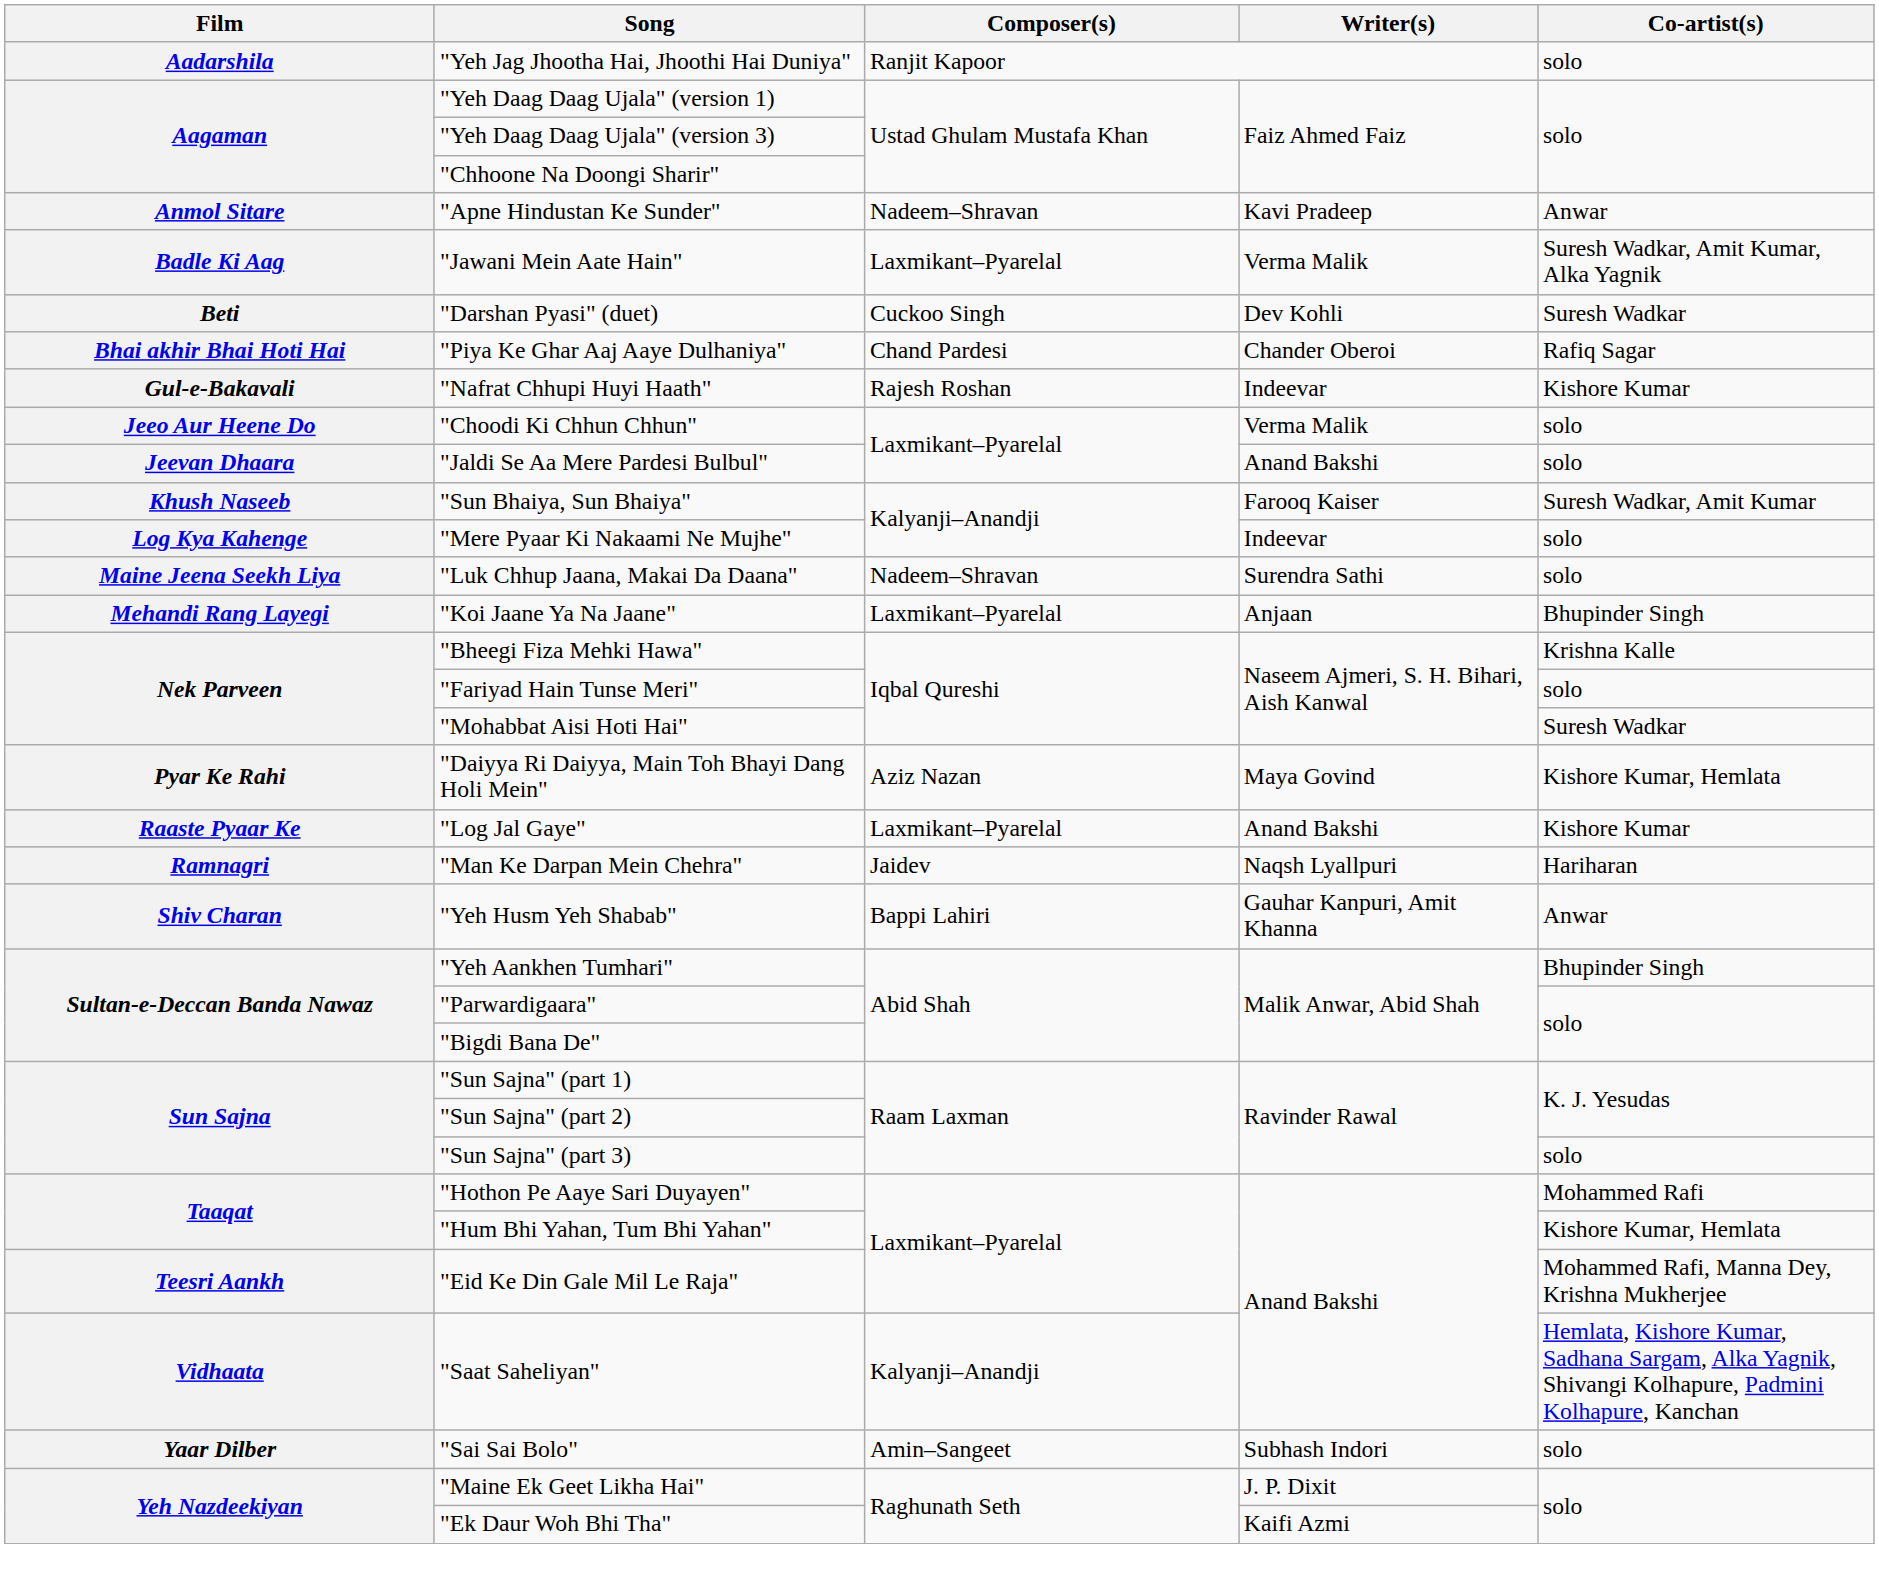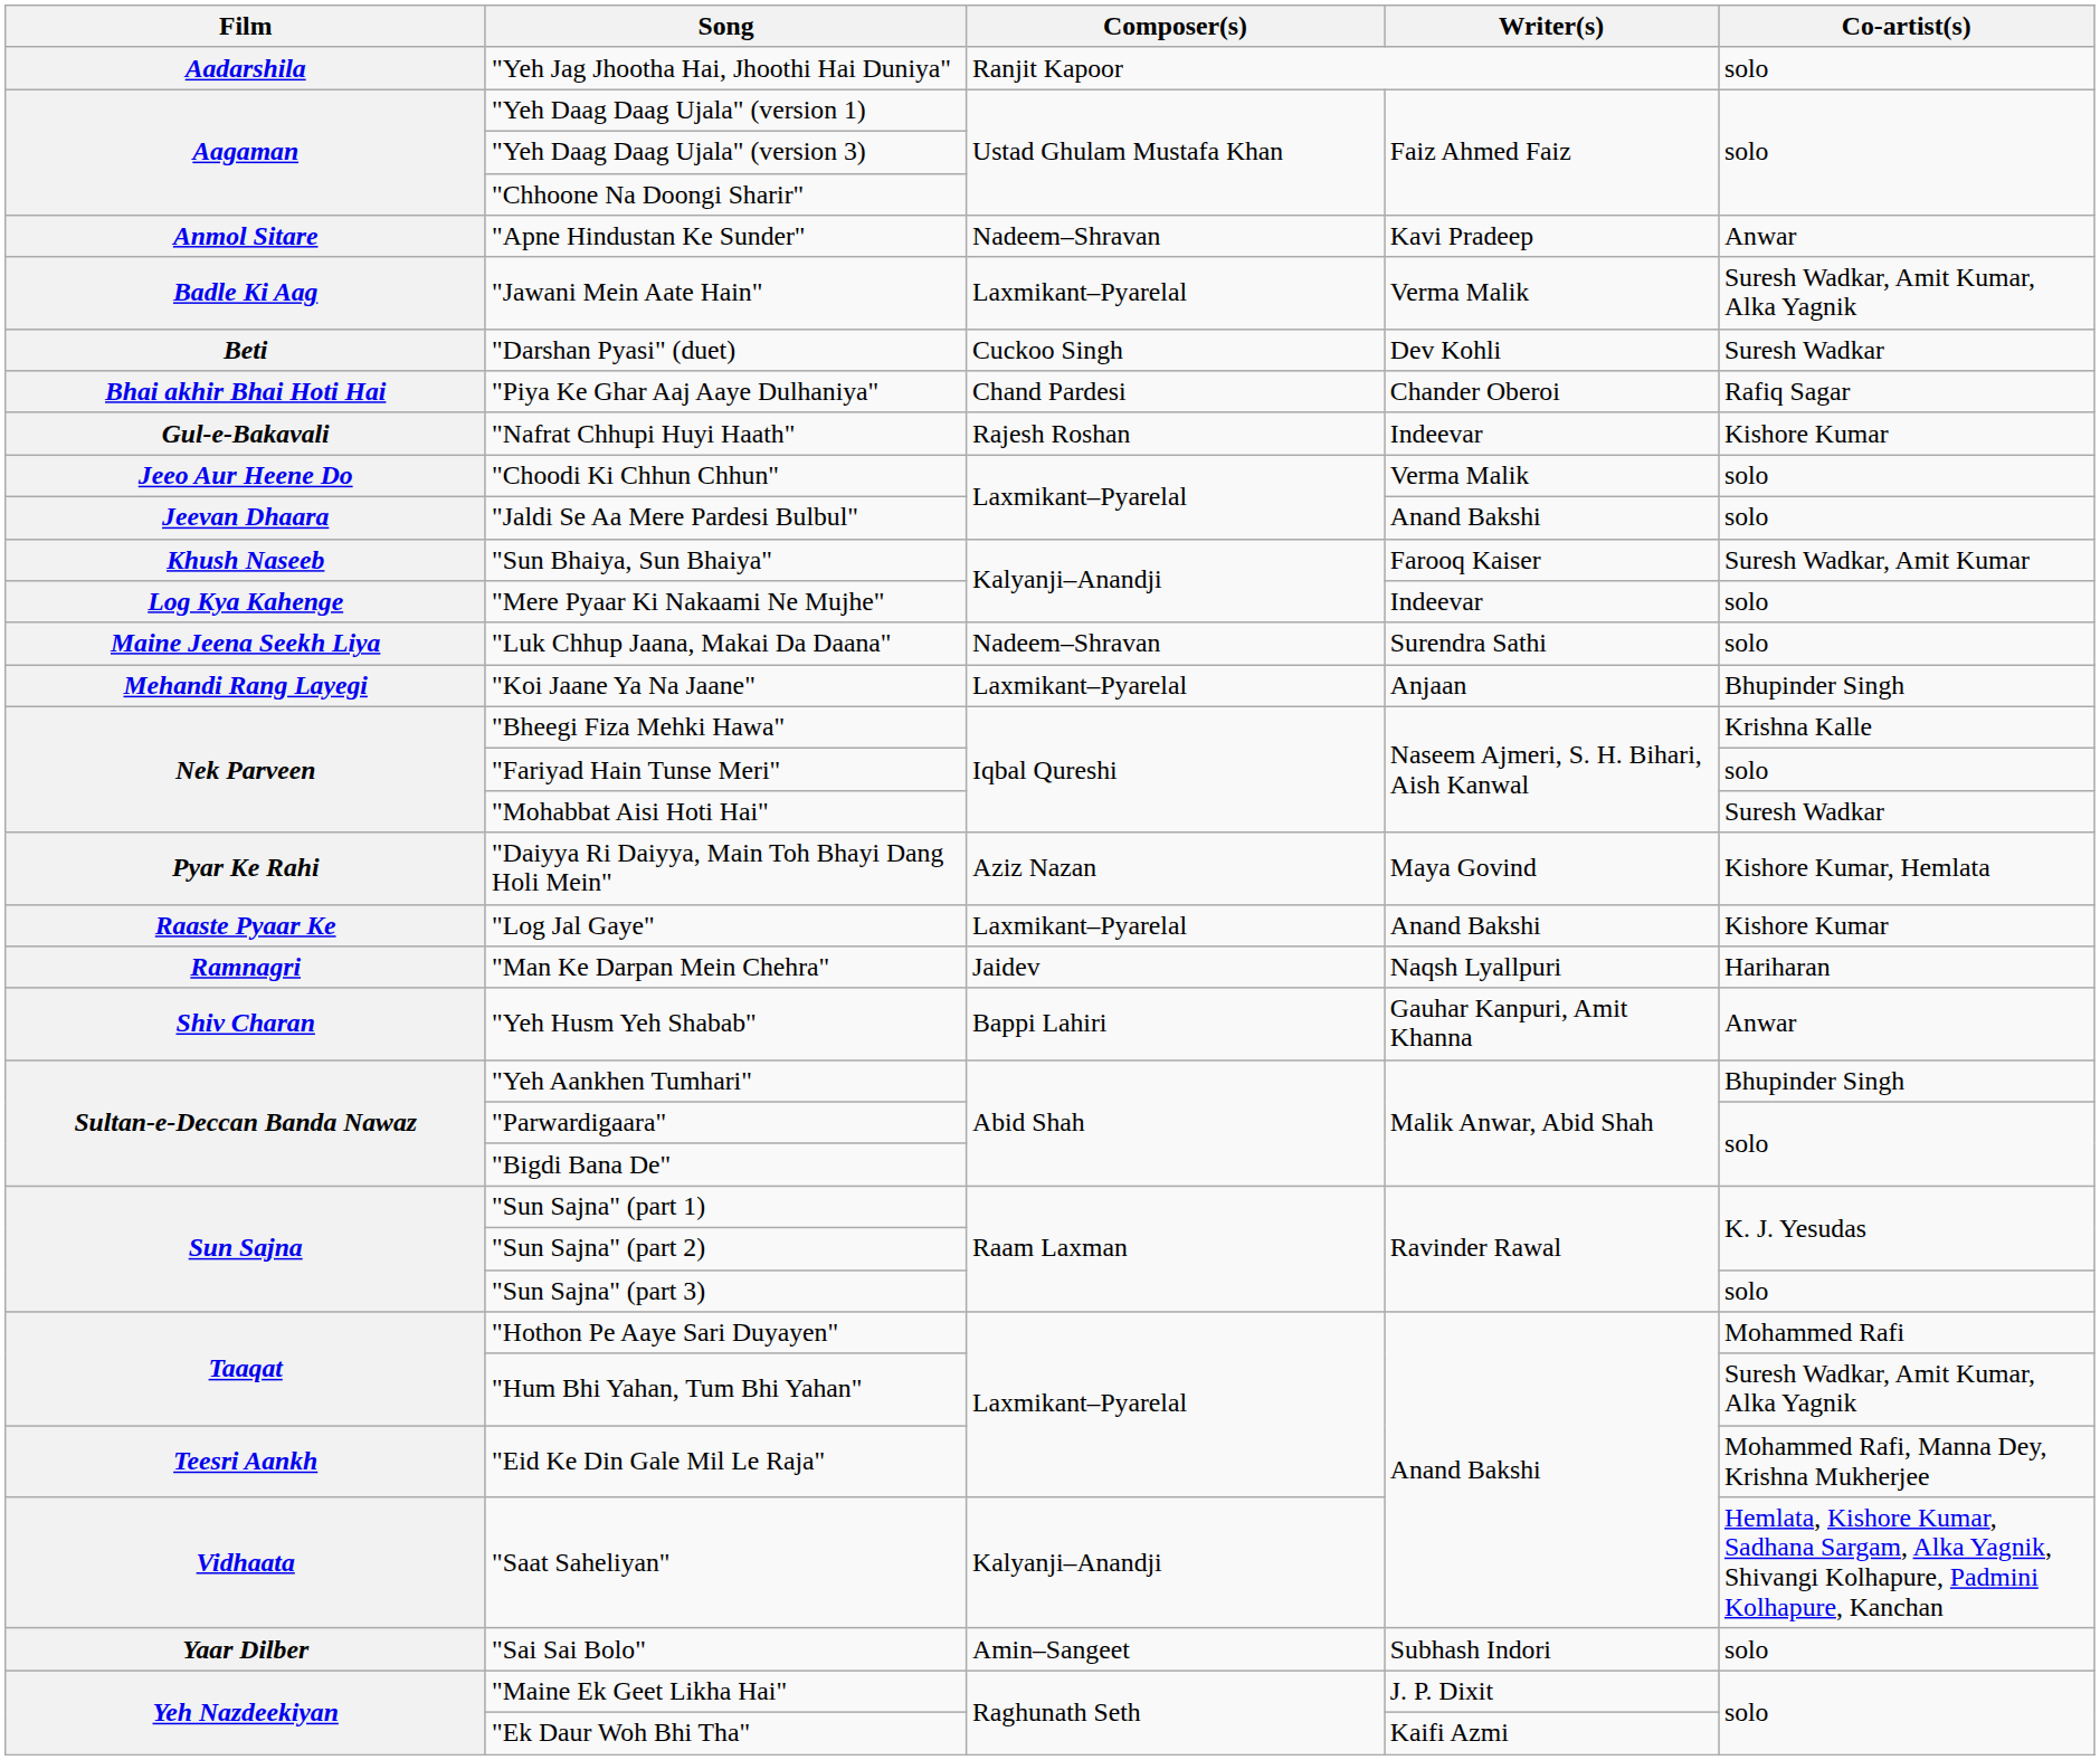 <table class="wikitable plainrowheaders" style="width:100%; textcolor:#000">
 <tr style="background:#b0e0e66;">
 <th scope="col" style="width:23%;"><strong>Film</strong></th>
 <th scope="col" style="width:23%;"><strong>Song</strong></th>
 <th scope="col" style="width:20%;"><strong>Composer(s)</strong></th>
 <th scope="col" style="width:16%;"><strong>Writer(s)</strong></th>
 <th scope="col" style="width:18%;"><strong>Co-artist(s)</strong></th>
 </tr>
 <tr>
 <th><em><a href='#'>Aadarshila</a></em></th>
 <td>"Yeh Jag Jhootha Hai, Jhoothi Hai Duniya"</td>
 <td colspan=2>Ranjit Kapoor</td>
 <td>solo</td>
 </tr>
 <tr>
 <th rowspan=3><em><a href='#'>Aagaman</a></em></th>
 <td>"Yeh Daag Daag Ujala" (version 1)</td>
 <td rowspan=3>Ustad Ghulam Mustafa Khan</td>
 <td rowspan=3>Faiz Ahmed Faiz</td>
 <td Rowspan=3>solo</td>
 </tr>
 <tr>
 <td>"Yeh Daag Daag Ujala" (version 3)</td>
 </tr>
 <tr>
 <td>"Chhoone Na Doongi Sharir"</td>
 </tr>
 <tr>
 <th><em><a href='#'>Anmol Sitare</a></em></th>
 <td>"Apne Hindustan Ke Sunder"</td>
 <td>Nadeem–Shravan</td>
 <td>Kavi Pradeep</td>
 <td>Anwar</td>
 </tr>
 <tr>
 <th><em><a href='#'>Badle Ki Aag</a></em></th>
 <td>"Jawani Mein Aate Hain"</td>
 <td>Laxmikant–Pyarelal</td>
 <td>Verma Malik</td>
 <td>Suresh Wadkar, Amit Kumar, Alka Yagnik</td>
 </tr>
 <tr>
 <th><em>Beti</em></th>
 <td>"Darshan Pyasi" (duet)</td>
 <td>Cuckoo Singh</td>
 <td>Dev Kohli</td>
 <td>Suresh Wadkar</td>
 </tr>
 <tr>
 <th><em><a href='#'>Bhai akhir Bhai Hoti Hai</a></em></th>
 <td>"Piya Ke Ghar Aaj Aaye Dulhaniya"</td>
 <td>Chand Pardesi</td>
 <td>Chander Oberoi</td>
 <td>Rafiq Sagar</td>
 </tr>
 <tr>
 <th><em>Gul-e-Bakavali</em></th>
 <td>"Nafrat Chhupi Huyi Haath"</td>
 <td>Rajesh Roshan</td>
 <td>Indeevar</td>
 <td>Kishore Kumar</td>
 </tr>
 <tr>
 <th><em><a href='#'>Jeeo Aur Heene Do</a></em></th>
 <td>"Choodi Ki Chhun Chhun"</td>
 <td rowspan=2>Laxmikant–Pyarelal</td>
 <td>Verma Malik</td>
 <td>solo</td>
 </tr>
 <tr>
 <th><em><a href='#'>Jeevan Dhaara</a></em></th>
 <td>"Jaldi Se Aa Mere Pardesi Bulbul"</td>
 <td>Anand Bakshi</td>
 <td>solo</td>
 </tr>
 <tr>
 <th><em><a href='#'>Khush Naseeb</a></em></th>
 <td>"Sun Bhaiya, Sun Bhaiya"</td>
 <td rowspan=2>Kalyanji–Anandji</td>
 <td>Farooq Kaiser</td>
 <td>Suresh Wadkar, Amit Kumar</td>
 </tr>
 <tr>
 <th><em><a href='#'>Log Kya Kahenge</a></em></th>
 <td>"Mere Pyaar Ki Nakaami Ne Mujhe"</td>
 <td>Indeevar</td>
 <td>solo</td>
 </tr>
 <tr>
 <th><em><a href='#'>Maine Jeena Seekh Liya</a></em></th>
 <td>"Luk Chhup Jaana, Makai Da Daana"</td>
 <td>Nadeem–Shravan</td>
 <td>Surendra Sathi</td>
 <td>solo</td>
 </tr>
 <tr>
 <th><em><a href='#'>Mehandi Rang Layegi</a></em></th>
 <td>"Koi Jaane Ya Na Jaane"</td>
 <td>Laxmikant–Pyarelal</td>
 <td>Anjaan</td>
 <td>Bhupinder Singh</td>
 </tr>
 <tr>
 <th Rowspan=3><em>Nek Parveen</em></th>
 <td>"Bheegi Fiza Mehki Hawa"</td>
 <td rowspan=3>Iqbal Qureshi</td>
 <td Rowspan=3>Naseem Ajmeri, S. H. Bihari, Aish Kanwal</td>
 <td>Krishna Kalle</td>
 </tr>
 <tr>
 <td>"Fariyad Hain Tunse Meri"</td>
 <td>solo</td>
 </tr>
 <tr>
 <td>"Mohabbat Aisi Hoti Hai"</td>
 <td>Suresh Wadkar</td>
 </tr>
 <tr>
 <th><em>Pyar Ke Rahi</em></th>
 <td>"Daiyya Ri Daiyya, Main Toh Bhayi Dang Holi Mein"</td>
 <td>Aziz Nazan</td>
 <td>Maya Govind</td>
 <td>Kishore Kumar, Hemlata</td>
 </tr>
 <tr>
 <th><em><a href='#'>Raaste Pyaar Ke</a></em></th>
 <td>"Log Jal Gaye"</td>
 <td>Laxmikant–Pyarelal</td>
 <td>Anand Bakshi</td>
 <td>Kishore Kumar</td>
 </tr>
 <tr>
 <th><em><a href='#'>Ramnagri</a></em></th>
 <td>"Man Ke Darpan Mein Chehra"</td>
 <td>Jaidev</td>
 <td>Naqsh Lyallpuri</td>
 <td>Hariharan</td>
 </tr>
 <tr>
 <th><em><a href='#'>Shiv Charan</a></em></th>
 <td>"Yeh Husm Yeh Shabab"</td>
 <td>Bappi Lahiri</td>
 <td>Gauhar Kanpuri, Amit Khanna</td>
 <td>Anwar</td>
 </tr>
 <tr>
 <th Rowspan=3><em>Sultan-e-Deccan Banda Nawaz</em></th>
 <td>"Yeh Aankhen Tumhari"</td>
 <td rowspan=3>Abid Shah</td>
 <td Rowspan=3>Malik Anwar, Abid Shah</td>
 <td>Bhupinder Singh</td>
 </tr>
 <tr>
 <td>"Parwardigaara"</td>
 <td rowspan=2>solo</td>
 </tr>
 <tr>
 <td>"Bigdi Bana De"</td>
 </tr>
 <tr>
 <th Rowspan=3><em><a href='#'>Sun Sajna</a></em></th>
 <td>"Sun Sajna" (part 1)</td>
 <td Rowspan=3>Raam Laxman</td>
 <td rowspan=3>Ravinder Rawal</td>
 <td rowspan=2>K. J. Yesudas</td>
 </tr>
 <tr>
 <td>"Sun Sajna" (part 2)</td>
 </tr>
 <tr>
 <td>"Sun Sajna" (part 3)</td>
 <td>solo</td>
 </tr>
 <tr>
 <th Rowspan=2><em><a href='#'>Taaqat</a></em></th>
 <td>"Hothon Pe Aaye Sari Duyayen"</td>
 <td rowspan=3>Laxmikant–Pyarelal</td>
 <td rowspan=4>Anand Bakshi</td>
 <td>Mohammed Rafi</td>
 </tr>
 <tr>
 <td>"Hum Bhi Yahan, Tum Bhi Yahan"</td>
-<td>Kishore Kumar, Hemlata</td>
+<td>Suresh Wadkar, Amit Kumar, Alka Yagnik</td>
 </tr>
 <tr>
 <th><em><a href='#'>Teesri Aankh</a></em></th>
 <td>"Eid Ke Din Gale Mil Le Raja"</td>
 <td>Mohammed Rafi, Manna Dey, Krishna Mukherjee</td>
 </tr>
 <tr>
 <th><em><a href='#'>Vidhaata</a></em></th>
 <td>"Saat Saheliyan"</td>
 <td>Kalyanji–Anandji</td>
 <td><a href='#'>Hemlata</a>, <a href='#'>Kishore Kumar</a>, <a href='#'>Sadhana Sargam</a>, <a href='#'>Alka Yagnik</a>, Shivangi Kolhapure, <a href='#'>Padmini Kolhapure</a>, Kanchan</td>
 </tr>
 <tr>
 <th><em>Yaar Dilber</em></th>
 <td>"Sai Sai Bolo"</td>
 <td>Amin–Sangeet</td>
 <td>Subhash Indori</td>
 <td>solo</td>
 </tr>
 <tr>
 <th Rowspan=2><em><a href='#'>Yeh Nazdeekiyan</a></em></th>
 <td>"Maine Ek Geet Likha Hai"</td>
 <td rowspan=2>Raghunath Seth</td>
 <td>J. P. Dixit</td>
 <td rowspan=2>solo</td>
 </tr>
 <tr>
 <td>"Ek Daur Woh Bhi Tha"</td>
 <td>Kaifi Azmi</td>
 </tr>
 <tr>
 </tr>
 </table>
